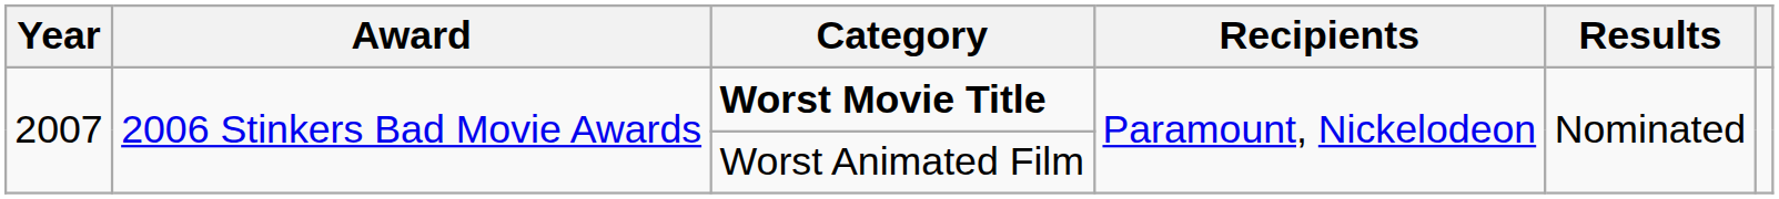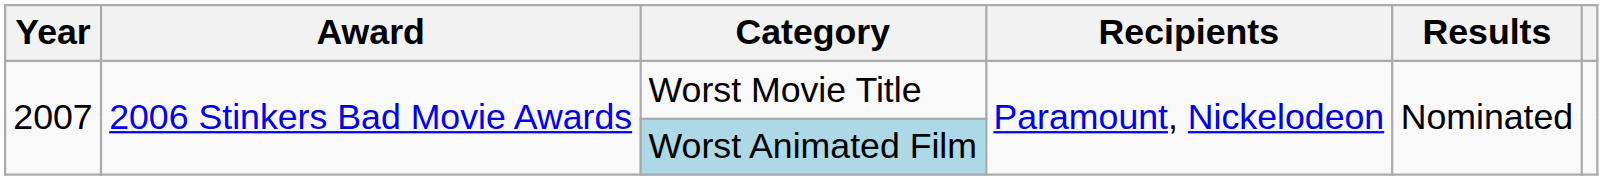 <table class="wikitable">
 <tr>
 <th>Year</th>
 <th>Award</th>
 <th>Category</th>
 <th>Recipients</th>
 <th>Results</th>
 <th></th>
 </tr>
 <tr>
 <td rowspan="2">2007</td>
 <td rowspan="2"><a href='#'>2006 Stinkers Bad Movie Awards</a></td>
-<td><strong>Worst Movie Title</strong></td>
+<td>Worst Movie Title</td>
 <td rowspan="2"><a href='#'>Paramount</a>, <a href='#'>Nickelodeon</a></td>
 <td rowspan="2">Nominated</td>
 <td rowspan="2"></td>
 </tr>
 <tr>
-<td>Worst Animated Film</td>
+<td style="background: lightblue;">Worst Animated Film</td>
 </tr>
 </table>
